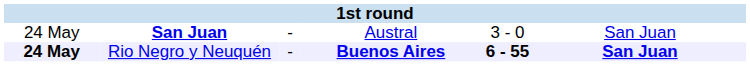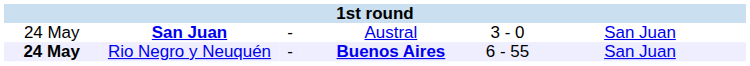 <table border=0 cellspacing=0 cellpadding=0 style="border-collapse: collapse;" width=700>
 <tr bgcolor="#CADFF0">
 <td style="font-size:100%"; align="center" colspan="6"><strong>1st round</strong></td>
 </tr>
 <tr align=center bgcolor=#FFFFFF>
 <td width=90>24 May</td>
 <td width=170><strong><a href='#'>San Juan</a></strong></td>
 <td width=20>-</td>
 <td width=170><a href='#'>Austral</a></td>
 <td width=50>3 - 0</td>
 <td width=200><a href='#'>San Juan</a></td>
 </tr>
 <tr align=center bgcolor=#EEEEFF>
 <td width=90><strong>24 May</strong></td>
 <td width=170><a href='#'>Rio Negro y Neuquén</a></td>
 <td width=20>-</td>
 <td width=170><strong><a href='#'>Buenos Aires</a></strong></td>
-<td width=50><strong>6 - 55</strong></td>
-<td width=200><strong><a href='#'>San Juan</a></strong></td>
+<td width=50>6 - 55</td>
+<td width=200><a href='#'>San Juan</a></td>
 </tr>
 </table>
